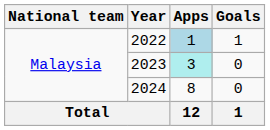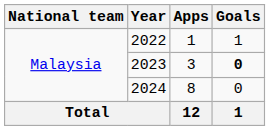 <table class=wikitable style="text-align: center;">
 <tr>
 <th>National team</th>
 <th>Year</th>
 <th>Apps</th>
 <th>Goals</th>
 </tr>
 <tr>
 <td rowspan=3><a href='#'>Malaysia</a></td>
 <td>2022</td>
-<td style="background: lightblue;">1</td>
+<td>1</td>
 <td>1</td>
 </tr>
 <tr>
 <td>2023</td>
-<td style="background: paleturquoise;">3</td>
-<td>0</td>
+<td>3</td>
+<td><strong>0</strong></td>
 </tr>
 <tr>
 <td>2024</td>
 <td>8</td>
 <td>0</td>
 </tr>
 <tr>
 <th colspan=2>Total</th>
 <th>12</th>
 <th>1</th>
 </tr>
 </table>
